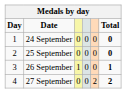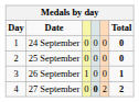 <table class=wikitable style="font-size:85%; text-align:center;float:right;clear:right;margin-left:1em;">
 <tr>
 <th colspan=7>Medals by day</th>
 </tr>
 <tr>
 <td><strong>Day</strong></td>
 <td><strong>Date</strong></td>
 <td bgcolor=F7F6A8></td>
 <td bgcolor=DCE5E5></td>
 <td bgcolor=FFDAB9></td>
 <td><strong>Total</strong></td>
 </tr>
 <tr>
 <td>1</td>
 <td>24 September</td>
 <td bgcolor=F7F6A8>0</td>
 <td bgcolor=DCE5E5>0</td>
 <td bgcolor=FFDAB9>0</td>
 <td><strong>0</strong></td>
 </tr>
 <tr>
 <td>2</td>
 <td>25 September</td>
 <td bgcolor=F7F6A8>0</td>
 <td bgcolor=DCE5E5>0</td>
 <td bgcolor=FFDAB9>0</td>
 <td><strong>0</strong></td>
 </tr>
 <tr>
 <td>3</td>
 <td>26 September</td>
 <td bgcolor=F7F6A8>1</td>
 <td bgcolor=DCE5E5>0</td>
 <td bgcolor=FFDAB9>0</td>
 <td><strong>1</strong></td>
 </tr>
 <tr>
 <td>4</td>
 <td>27 September</td>
 <td bgcolor=F7F6A8>0</td>
-<td bgcolor=DCE5E5>0</td>
+<td bgcolor=DCE5E5><strong>0</strong></td>
 <td bgcolor=FFDAB9>2</td>
 <td><strong>2</strong></td>
 </tr>
 </table>
